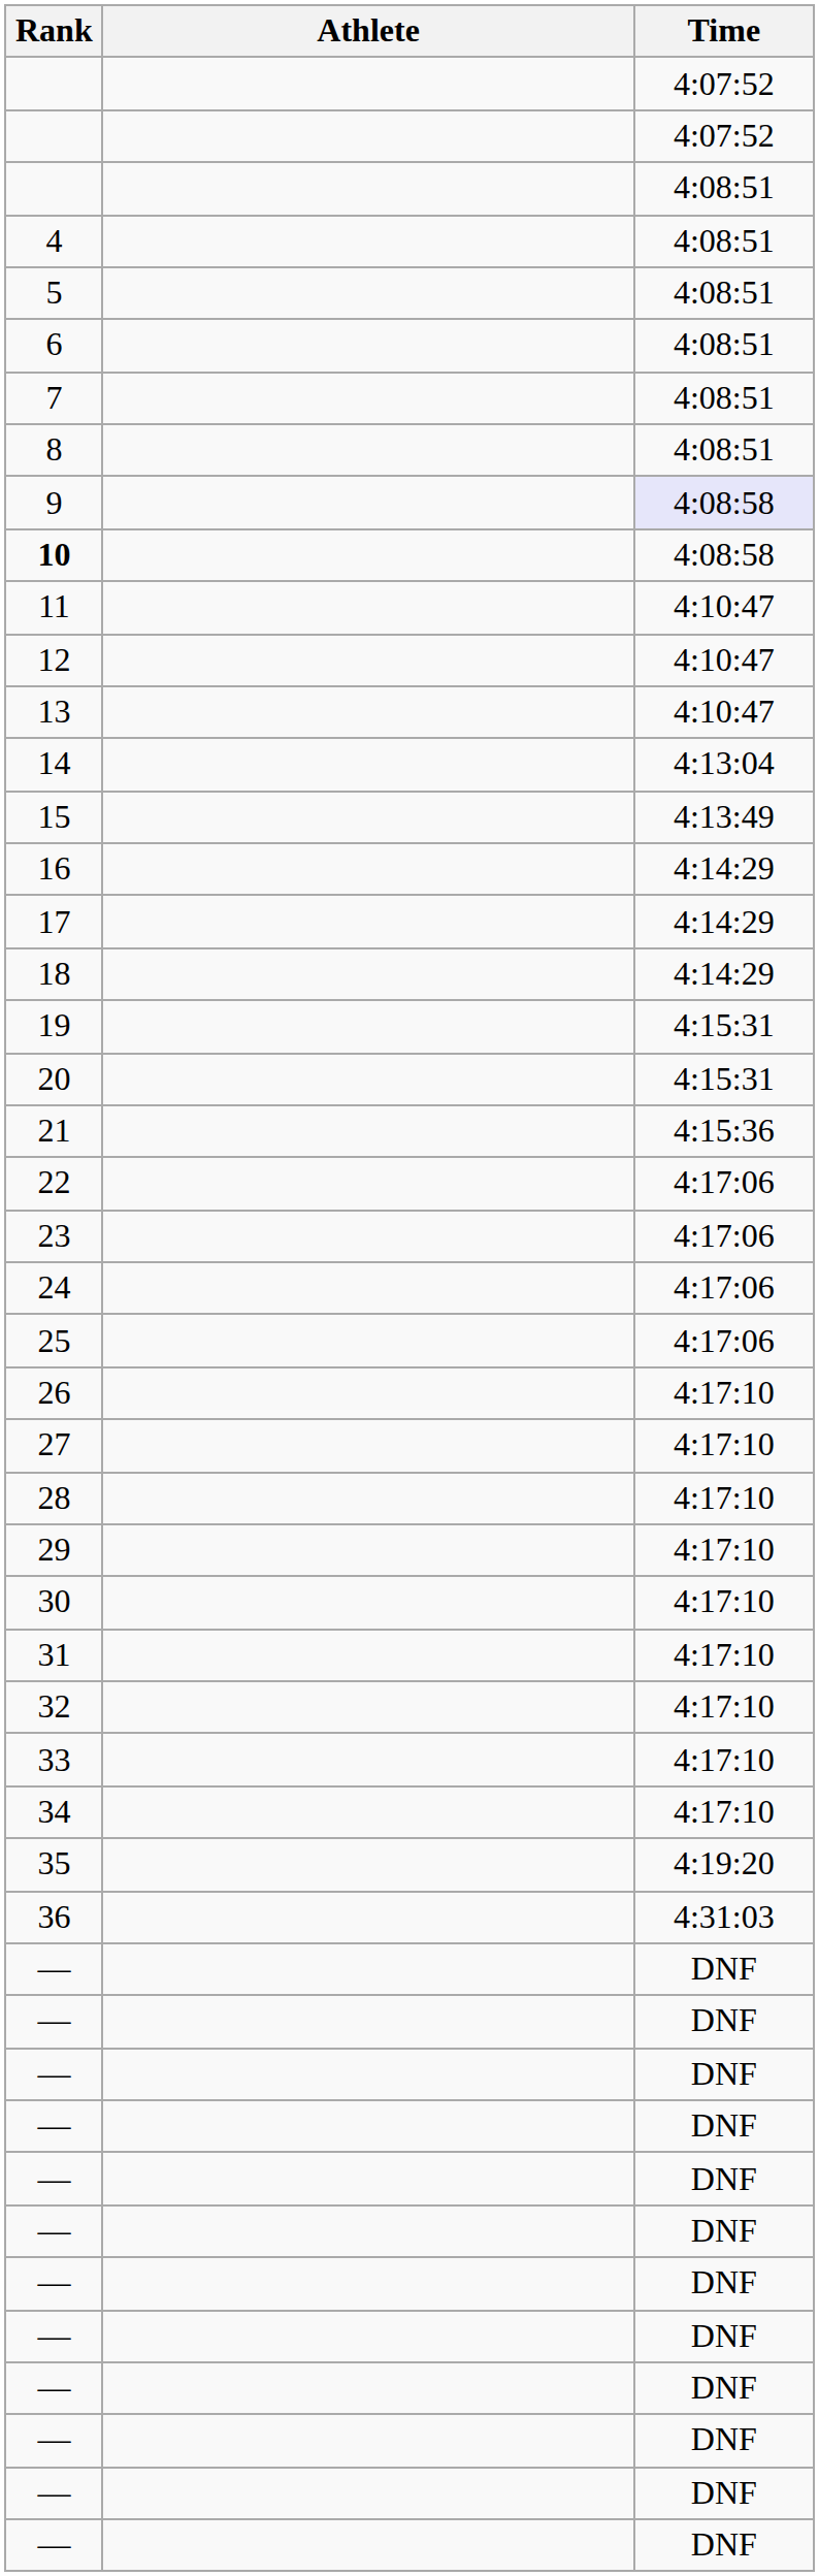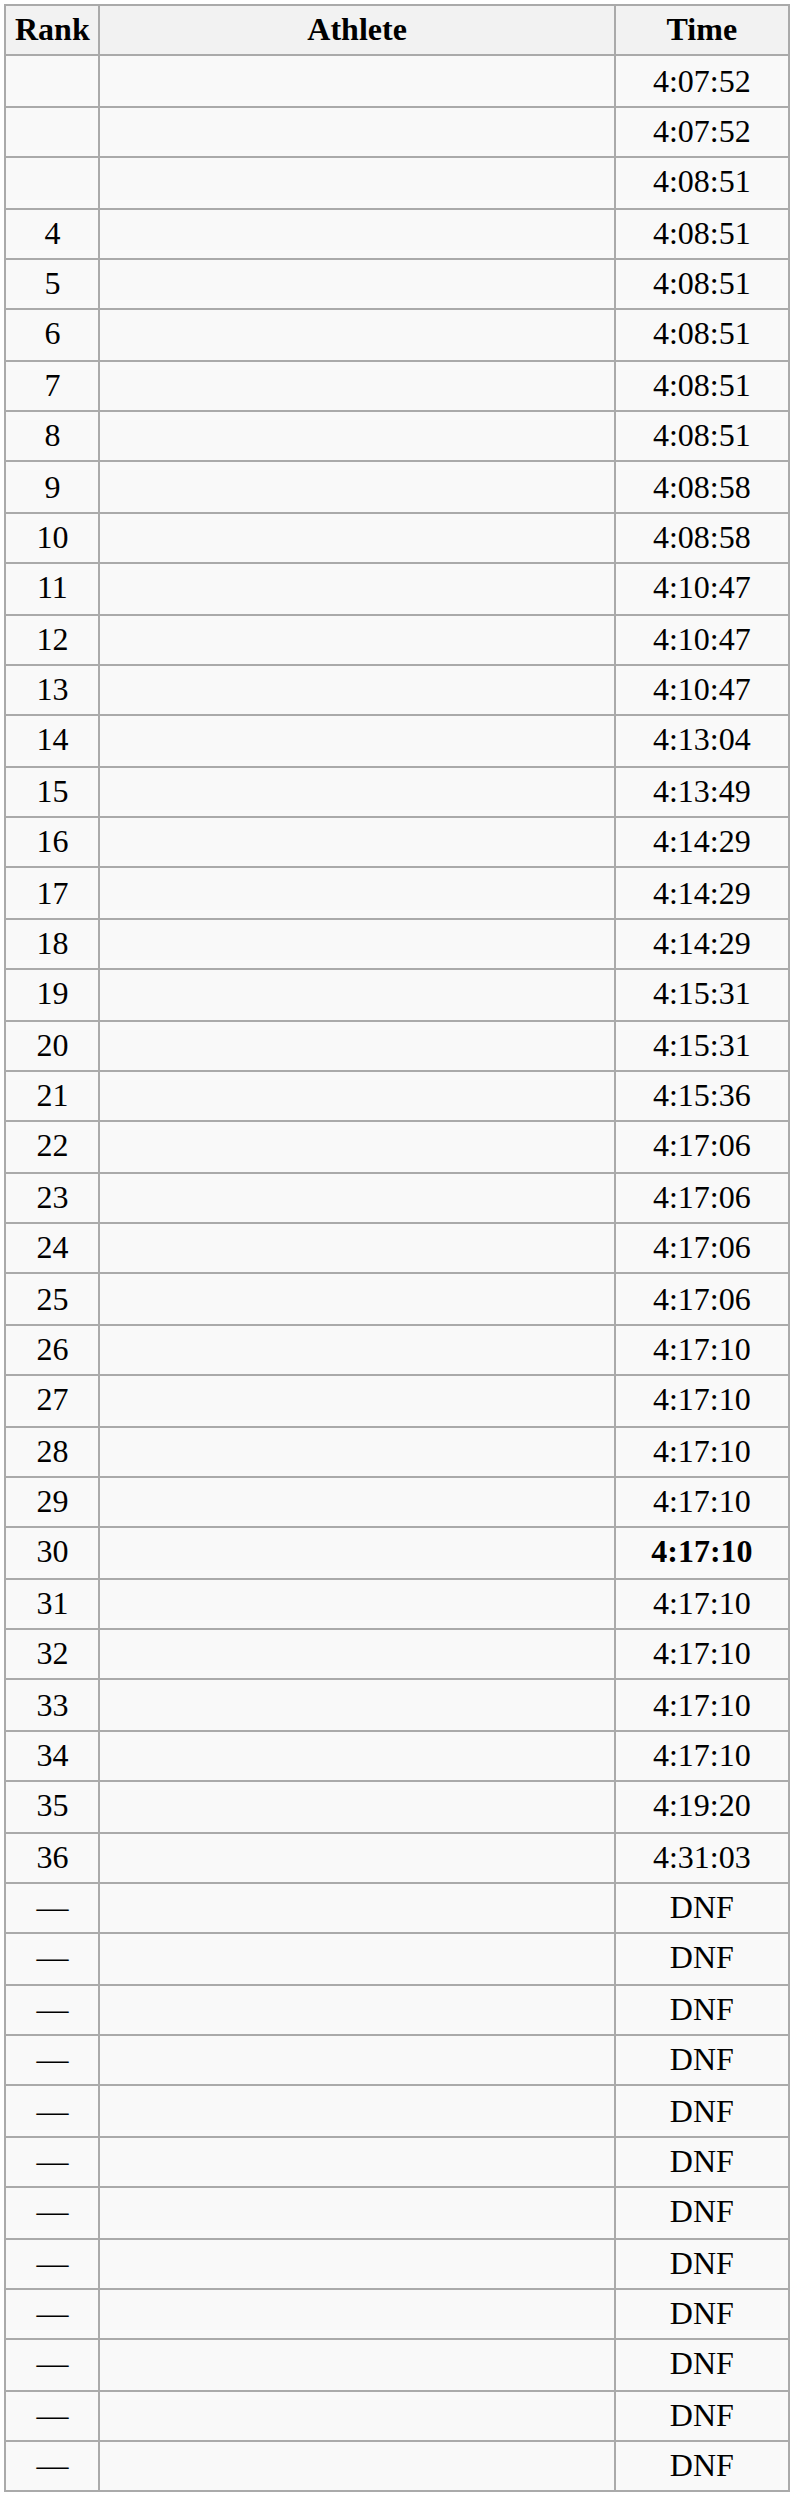 <table class=wikitable sortable| style="text-align:center">
 <tr>
 <th width=40>Rank</th>
 <th width=250>Athlete</th>
 <th width=80>Time</th>
 </tr>
 <tr>
 <td></td>
 <td align=left></td>
 <td>4:07:52</td>
 </tr>
 <tr>
 <td></td>
 <td align=left></td>
 <td>4:07:52</td>
 </tr>
 <tr>
 <td></td>
 <td align=left></td>
 <td>4:08:51</td>
 </tr>
 <tr>
 <td>4</td>
 <td align=left></td>
 <td>4:08:51</td>
 </tr>
 <tr>
 <td>5</td>
 <td align=left></td>
 <td>4:08:51</td>
 </tr>
 <tr>
 <td>6</td>
 <td align=left></td>
 <td>4:08:51</td>
 </tr>
 <tr>
 <td>7</td>
 <td align=left></td>
 <td>4:08:51</td>
 </tr>
 <tr>
 <td>8</td>
 <td align=left></td>
 <td>4:08:51</td>
 </tr>
 <tr>
 <td>9</td>
 <td align=left></td>
-<td style="background: lavender;">4:08:58</td>
+<td>4:08:58</td>
 </tr>
 <tr>
-<td><strong>10</strong></td>
+<td>10</td>
 <td align=left></td>
 <td>4:08:58</td>
 </tr>
 <tr>
 <td>11</td>
 <td align=left></td>
 <td>4:10:47</td>
 </tr>
 <tr>
 <td>12</td>
 <td align=left></td>
 <td>4:10:47</td>
 </tr>
 <tr>
 <td>13</td>
 <td align=left></td>
 <td>4:10:47</td>
 </tr>
 <tr>
 <td>14</td>
 <td align=left></td>
 <td>4:13:04</td>
 </tr>
 <tr>
 <td>15</td>
 <td align=left></td>
 <td>4:13:49</td>
 </tr>
 <tr>
 <td>16</td>
 <td align=left></td>
 <td>4:14:29</td>
 </tr>
 <tr>
 <td>17</td>
 <td align=left></td>
 <td>4:14:29</td>
 </tr>
 <tr>
 <td>18</td>
 <td align=left></td>
 <td>4:14:29</td>
 </tr>
 <tr>
 <td>19</td>
 <td align=left></td>
 <td>4:15:31</td>
 </tr>
 <tr>
 <td>20</td>
 <td align=left></td>
 <td>4:15:31</td>
 </tr>
 <tr>
 <td>21</td>
 <td align=left></td>
 <td>4:15:36</td>
 </tr>
 <tr>
 <td>22</td>
 <td align=left></td>
 <td>4:17:06</td>
 </tr>
 <tr>
 <td>23</td>
 <td align=left></td>
 <td>4:17:06</td>
 </tr>
 <tr>
 <td>24</td>
 <td align=left></td>
 <td>4:17:06</td>
 </tr>
 <tr>
 <td>25</td>
 <td align=left></td>
 <td>4:17:06</td>
 </tr>
 <tr>
 <td>26</td>
 <td align=left></td>
 <td>4:17:10</td>
 </tr>
 <tr>
 <td>27</td>
 <td align=left></td>
 <td>4:17:10</td>
 </tr>
 <tr>
 <td>28</td>
 <td align=left></td>
 <td>4:17:10</td>
 </tr>
 <tr>
 <td>29</td>
 <td align=left></td>
 <td>4:17:10</td>
 </tr>
 <tr>
 <td>30</td>
 <td align=left></td>
-<td>4:17:10</td>
+<td><strong>4:17:10</strong></td>
 </tr>
 <tr>
 <td>31</td>
 <td align=left></td>
 <td>4:17:10</td>
 </tr>
 <tr>
 <td>32</td>
 <td align=left></td>
 <td>4:17:10</td>
 </tr>
 <tr>
 <td>33</td>
 <td align=left></td>
 <td>4:17:10</td>
 </tr>
 <tr>
 <td>34</td>
 <td align=left></td>
 <td>4:17:10</td>
 </tr>
 <tr>
 <td>35</td>
 <td align=left></td>
 <td>4:19:20</td>
 </tr>
 <tr>
 <td>36</td>
 <td align=left></td>
 <td>4:31:03</td>
 </tr>
 <tr>
 <td>—</td>
 <td align=left></td>
 <td>DNF</td>
 </tr>
 <tr>
 <td>—</td>
 <td align=left></td>
 <td>DNF</td>
 </tr>
 <tr>
 <td>—</td>
 <td align=left></td>
 <td>DNF</td>
 </tr>
 <tr>
 <td>—</td>
 <td align=left></td>
 <td>DNF</td>
 </tr>
 <tr>
 <td>—</td>
 <td align=left></td>
 <td>DNF</td>
 </tr>
 <tr>
 <td>—</td>
 <td align=left></td>
 <td>DNF</td>
 </tr>
 <tr>
 <td>—</td>
 <td align=left></td>
 <td>DNF</td>
 </tr>
 <tr>
 <td>—</td>
 <td align=left></td>
 <td>DNF</td>
 </tr>
 <tr>
 <td>—</td>
 <td align=left></td>
 <td>DNF</td>
 </tr>
 <tr>
 <td>—</td>
 <td align=left></td>
 <td>DNF</td>
 </tr>
 <tr>
 <td>—</td>
 <td align=left></td>
 <td>DNF</td>
 </tr>
 <tr>
 <td>—</td>
 <td align=left></td>
 <td>DNF</td>
 </tr>
 </table>
